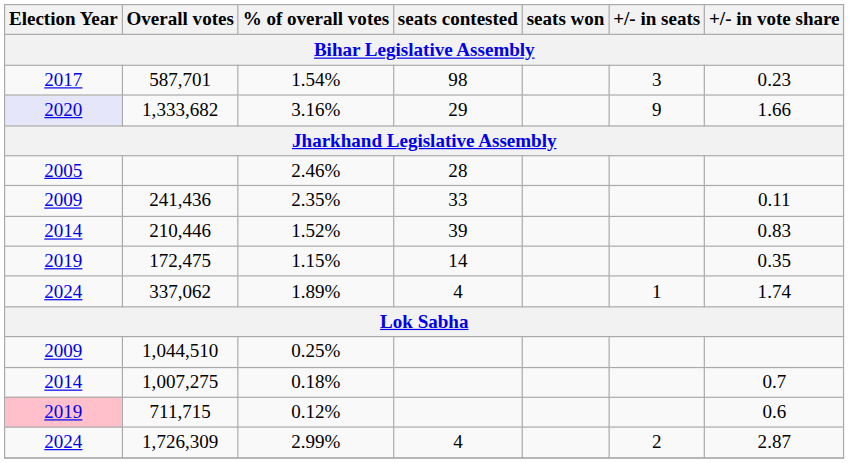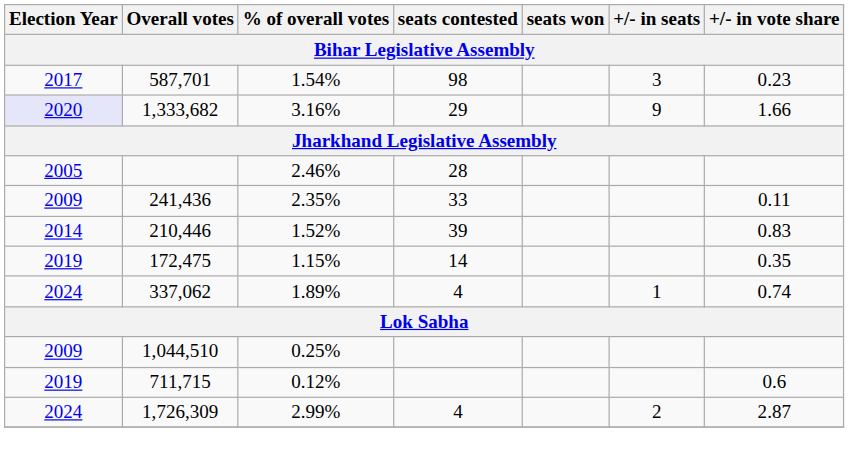 <table class="wikitable" style="text-align:center">
 <tr>
 <th Style="background-color:">Election Year</th>
 <th Style="background-color:">Overall votes</th>
 <th Style="background-color:">% of overall votes</th>
 <th Style="background-color:">seats contested</th>
 <th Style="background-color:">seats won</th>
 <th Style="background-color:">+/- in seats</th>
 <th Style="background-color:">+/- in vote share</th>
 </tr>
 <tr>
 <th colspan=7><a href='#'>Bihar Legislative Assembly</a></th>
 </tr>
 <tr>
 <td><a href='#'>2017</a></td>
 <td>587,701</td>
 <td>1.54%</td>
 <td>98</td>
 <td></td>
 <td>3</td>
 <td>0.23</td>
 </tr>
 <tr>
 <td style="background: lavender;"><a href='#'>2020</a></td>
 <td>1,333,682</td>
 <td>3.16%</td>
 <td>29</td>
 <td></td>
 <td>9</td>
 <td>1.66</td>
 </tr>
 <tr>
 <th colspan=7><a href='#'>Jharkhand Legislative Assembly</a></th>
 </tr>
 <tr>
 <td><a href='#'>2005</a></td>
 <td></td>
 <td>2.46%</td>
 <td>28</td>
 <td></td>
 <td></td>
 <td></td>
 </tr>
 <tr>
 <td><a href='#'>2009</a></td>
 <td>241,436</td>
 <td>2.35%</td>
 <td>33</td>
 <td></td>
 <td></td>
 <td>0.11</td>
 </tr>
 <tr>
 <td><a href='#'>2014</a></td>
 <td>210,446</td>
 <td>1.52%</td>
 <td>39</td>
 <td></td>
 <td></td>
 <td>0.83</td>
 </tr>
 <tr>
 <td><a href='#'>2019</a></td>
 <td>172,475</td>
 <td>1.15%</td>
 <td>14</td>
 <td></td>
 <td></td>
 <td>0.35</td>
 </tr>
 <tr>
 <td><a href='#'>2024</a></td>
 <td>337,062</td>
 <td>1.89%</td>
 <td>4</td>
 <td></td>
 <td>1</td>
-<td>1.74</td>
+<td>0.74</td>
 </tr>
 <tr>
 <th colspan=7><a href='#'>Lok Sabha</a></th>
 </tr>
 <tr>
 <td><a href='#'>2009</a></td>
 <td>1,044,510</td>
 <td>0.25%</td>
 <td></td>
 <td></td>
 <td></td>
 <td></td>
 </tr>
 <tr>
-<td><a href='#'>2014</a></td>
-<td>1,007,275</td>
-<td>0.18%</td>
-<td></td>
-<td></td>
-<td></td>
-<td>0.7</td>
-</tr>
-<tr>
-<td style="background: pink;"><a href='#'>2019</a></td>
+<td><a href='#'>2019</a></td>
 <td>711,715</td>
 <td>0.12%</td>
 <td></td>
 <td></td>
 <td></td>
 <td>0.6</td>
 </tr>
 <tr>
 <td><a href='#'>2024</a></td>
 <td>1,726,309</td>
 <td>2.99%</td>
 <td>4</td>
 <td></td>
 <td>2</td>
 <td>2.87</td>
 </tr>
 <tr>
 </tr>
 </table>
